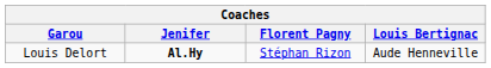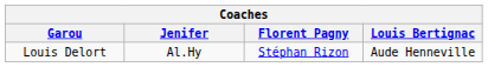 <table class="wikitable" text=align:center>
 <tr>
 <th colspan=4 style="width:95%;">Coaches</th>
 </tr>
 <tr>
 <th style="width:23%;" scope="col"><a href='#'>Garou</a></th>
 <th style="width:23%;" scope="col"><a href='#'>Jenifer</a></th>
 <th style="width:23%;" scope="col"><a href='#'>Florent Pagny</a></th>
 <th style="width:23%;" scope="col"><a href='#'>Louis Bertignac</a></th>
 </tr>
 <tr align="center">
 <td>Louis Delort</td>
-<td><strong>Al.Hy</strong></td>
+<td>Al.Hy</td>
 <td><a href='#'>Stéphan Rizon</a></td>
 <td>Aude Henneville</td>
 </tr>
 </table>
